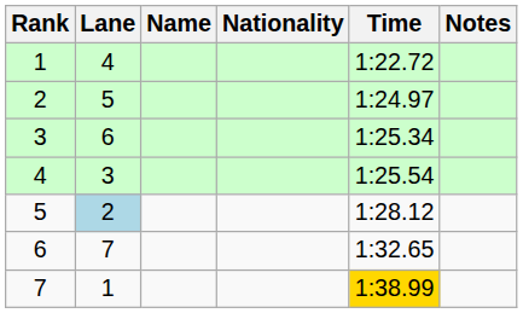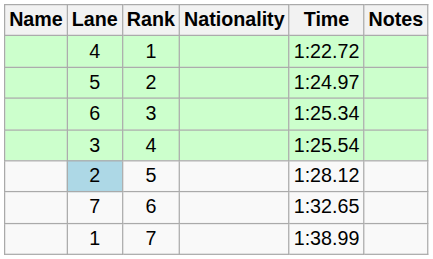 <table class="wikitable sortable" style="text-align:center">
 <tr>
+<th>Name</th>
+<th>Lane</th>
 <th>Rank</th>
-<th>Lane</th>
-<th>Name</th>
 <th>Nationality</th>
 <th>Time</th>
 <th>Notes</th>
 </tr>
 <tr bgcolor=ccffcc>
+<td align=left></td>
+<td>4</td>
 <td>1</td>
-<td>4</td>
-<td align=left></td>
 <td align=left></td>
 <td>1:22.72</td>
 <td><strong></strong> <strong></strong></td>
 </tr>
 <tr bgcolor=ccffcc>
+<td align=left></td>
+<td>5</td>
 <td>2</td>
-<td>5</td>
-<td align=left></td>
 <td align=left></td>
 <td>1:24.97</td>
 <td><strong></strong></td>
 </tr>
 <tr bgcolor=ccffcc>
+<td align=left></td>
+<td>6</td>
 <td>3</td>
-<td>6</td>
-<td align=left></td>
 <td align=left></td>
 <td>1:25.34</td>
 <td><strong></strong></td>
 </tr>
 <tr bgcolor=ccffcc>
+<td align=left></td>
+<td>3</td>
 <td>4</td>
-<td>3</td>
-<td align=left></td>
 <td align=left></td>
 <td>1:25.54</td>
 <td><strong></strong></td>
 </tr>
 <tr>
+<td align=left></td>
+<td style="background: lightblue;">2</td>
 <td>5</td>
-<td style="background: lightblue;">2</td>
-<td align=left></td>
 <td align=left></td>
 <td>1:28.12</td>
 <td></td>
 </tr>
 <tr>
+<td align=left></td>
+<td>7</td>
 <td>6</td>
-<td>7</td>
-<td align=left></td>
 <td align=left></td>
 <td>1:32.65</td>
 <td></td>
 </tr>
 <tr>
+<td align=left></td>
+<td>1</td>
 <td>7</td>
-<td>1</td>
 <td align=left></td>
-<td align=left></td>
-<td style="background: gold;">1:38.99</td>
+<td>1:38.99</td>
 <td></td>
 </tr>
 </table>
